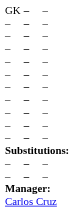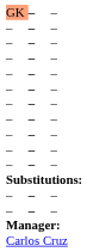 <table style = "font-size: 90%" cellspacing = "0" cellpadding = "0">
 <tr>
 <td colspan = 4></td>
 </tr>
 <tr>
 <th style="width:25px;"></th>
 <th style="width:25px;"></th>
 </tr>
 <tr>
-<td>GK</td>
+<td style="background: lightsalmon;">GK</td>
 <td><strong>–</strong></td>
 <td>–</td>
 </tr>
 <tr>
 <td>–</td>
 <td><strong>–</strong></td>
 <td>–</td>
 </tr>
 <tr>
 <td>–</td>
 <td><strong>–</strong></td>
 <td>–</td>
 </tr>
 <tr>
 <td>–</td>
 <td><strong>–</strong></td>
 <td>–</td>
 </tr>
 <tr>
 <td>–</td>
 <td><strong>–</strong></td>
 <td>–</td>
 </tr>
 <tr>
 <td>–</td>
 <td><strong>–</strong></td>
 <td>–</td>
 </tr>
 <tr>
 <td>–</td>
 <td><strong>–</strong></td>
 <td>–</td>
 </tr>
 <tr>
 <td>–</td>
 <td><strong>–</strong></td>
 <td>–</td>
 </tr>
 <tr>
 <td>–</td>
 <td><strong>–</strong></td>
 <td>–</td>
 </tr>
 <tr>
 <td>–</td>
 <td><strong>–</strong></td>
 <td>–</td>
 </tr>
 <tr>
 <td>–</td>
 <td><strong>–</strong></td>
 <td>–</td>
 </tr>
 <tr>
 <td colspan = 3><strong>Substitutions:</strong></td>
 </tr>
 <tr>
 <td>–</td>
 <td><strong>–</strong></td>
 <td>–</td>
 </tr>
 <tr>
 <td>–</td>
 <td><strong>–</strong></td>
 <td>–</td>
 </tr>
 <tr>
 <td colspan = 3><strong>Manager:</strong></td>
 </tr>
 <tr>
 <td colspan = 3> <a href='#'>Carlos Cruz</a></td>
 </tr>
 </table>
